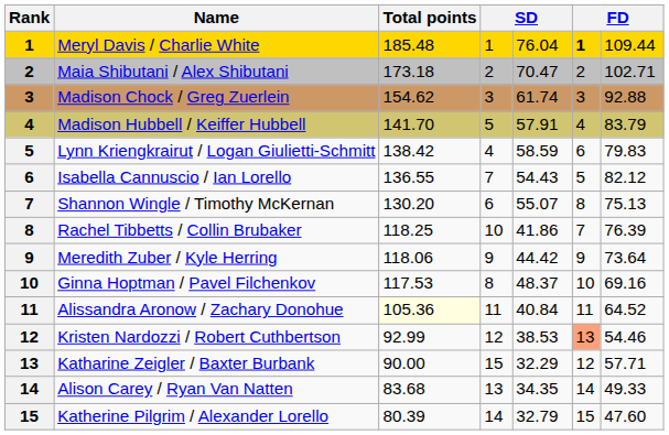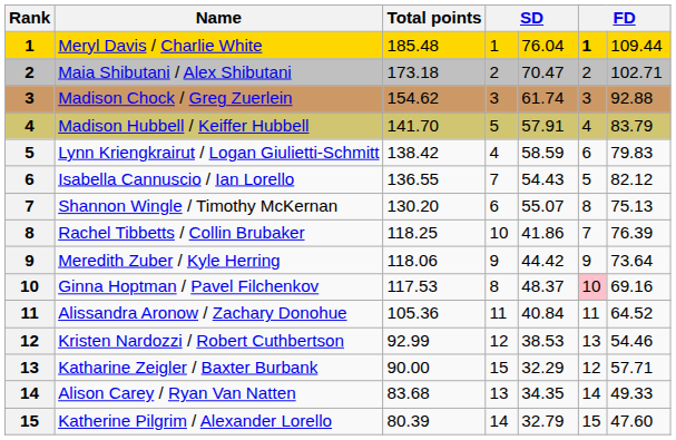 <table class="wikitable sortable">
 <tr>
 <th>Rank</th>
 <th>Name</th>
 <th>Total points</th>
 <th colspan="2" width="80px"><a href='#'>SD</a></th>
 <th colspan="2" width="80px"><a href='#'>FD</a></th>
 </tr>
 <tr bgcolor="gold">
 <td align="center"><strong>1</strong></td>
 <td><a href='#'>Meryl Davis</a> / <a href='#'> Charlie White</a></td>
 <td>185.48</td>
 <td>1</td>
 <td>76.04</td>
 <td><strong>1</strong></td>
 <td>109.44</td>
 </tr>
 <tr bgcolor="silver">
 <td align="center"><strong>2</strong></td>
 <td><a href='#'>Maia Shibutani</a> / <a href='#'>Alex Shibutani</a></td>
 <td>173.18</td>
 <td>2</td>
 <td>70.47</td>
 <td>2</td>
 <td>102.71</td>
 </tr>
 <tr bgcolor="cc9966">
 <td align="center"><strong>3</strong></td>
 <td><a href='#'>Madison Chock</a> / <a href='#'>Greg Zuerlein</a></td>
 <td>154.62</td>
 <td>3</td>
 <td>61.74</td>
 <td>3</td>
 <td>92.88</td>
 </tr>
 <tr bgcolor="#d1c571">
 <td align="center"><strong>4</strong></td>
 <td><a href='#'>Madison Hubbell</a> / <a href='#'>Keiffer Hubbell</a></td>
 <td>141.70</td>
 <td>5</td>
 <td>57.91</td>
 <td>4</td>
 <td>83.79</td>
 </tr>
 <tr>
 <th>5</th>
 <td><a href='#'>Lynn Kriengkrairut</a> / <a href='#'>Logan Giulietti-Schmitt</a></td>
 <td>138.42</td>
 <td>4</td>
 <td>58.59</td>
 <td>6</td>
 <td>79.83</td>
 </tr>
 <tr>
 <th>6</th>
 <td><a href='#'>Isabella Cannuscio</a> / <a href='#'>Ian Lorello</a></td>
 <td>136.55</td>
 <td>7</td>
 <td>54.43</td>
 <td>5</td>
 <td>82.12</td>
 </tr>
 <tr>
 <th>7</th>
 <td><a href='#'>Shannon Wingle</a> / Timothy McKernan</td>
 <td>130.20</td>
 <td>6</td>
 <td>55.07</td>
 <td>8</td>
 <td>75.13</td>
 </tr>
 <tr>
 <th>8</th>
 <td><a href='#'>Rachel Tibbetts</a> / <a href='#'>Collin Brubaker</a></td>
 <td>118.25</td>
 <td>10</td>
 <td>41.86</td>
 <td>7</td>
 <td>76.39</td>
 </tr>
 <tr>
 <th>9</th>
 <td><a href='#'>Meredith Zuber</a> / <a href='#'>Kyle Herring</a></td>
 <td>118.06</td>
 <td>9</td>
 <td>44.42</td>
 <td>9</td>
 <td>73.64</td>
 </tr>
 <tr>
 <th>10</th>
 <td><a href='#'>Ginna Hoptman</a> / <a href='#'>Pavel Filchenkov</a></td>
 <td>117.53</td>
 <td>8</td>
 <td>48.37</td>
-<td>10</td>
+<td style="background: pink;">10</td>
 <td>69.16</td>
 </tr>
 <tr>
 <th>11</th>
 <td><a href='#'>Alissandra Aronow</a> / <a href='#'>Zachary Donohue</a></td>
-<td style="background: lightyellow;">105.36</td>
+<td>105.36</td>
 <td>11</td>
 <td>40.84</td>
 <td>11</td>
 <td>64.52</td>
 </tr>
 <tr>
 <th>12</th>
 <td><a href='#'>Kristen Nardozzi</a> / <a href='#'>Robert Cuthbertson</a></td>
 <td>92.99</td>
 <td>12</td>
 <td>38.53</td>
-<td style="background: lightsalmon;">13</td>
+<td>13</td>
 <td>54.46</td>
 </tr>
 <tr>
 <th>13</th>
 <td><a href='#'>Katharine Zeigler</a> / <a href='#'>Baxter Burbank</a></td>
 <td>90.00</td>
 <td>15</td>
 <td>32.29</td>
 <td>12</td>
 <td>57.71</td>
 </tr>
 <tr>
 <th>14</th>
 <td><a href='#'>Alison Carey</a> / <a href='#'>Ryan Van Natten</a></td>
 <td>83.68</td>
 <td>13</td>
 <td>34.35</td>
 <td>14</td>
 <td>49.33</td>
 </tr>
 <tr>
 <th>15</th>
 <td><a href='#'>Katherine Pilgrim</a> / <a href='#'>Alexander Lorello</a></td>
 <td>80.39</td>
 <td>14</td>
 <td>32.79</td>
 <td>15</td>
 <td>47.60</td>
 </tr>
 </table>
